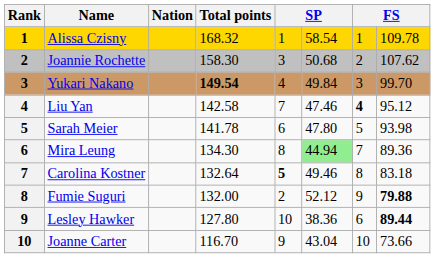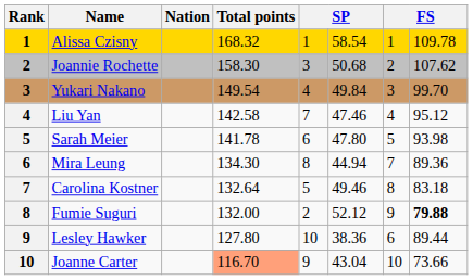 <table class="wikitable">
 <tr>
 <th>Rank</th>
 <th>Name</th>
 <th>Nation</th>
 <th>Total points</th>
 <th colspan="2" width="80px"><a href='#'>SP</a></th>
 <th colspan="2" width="80px"><a href='#'>FS</a></th>
 </tr>
 <tr bgcolor="gold">
 <td align="center"><strong>1</strong></td>
 <td><a href='#'>Alissa Czisny</a></td>
 <td></td>
 <td>168.32</td>
 <td>1</td>
 <td>58.54</td>
 <td>1</td>
 <td>109.78</td>
 </tr>
 <tr bgcolor="silver">
 <td align="center"><strong>2</strong></td>
 <td><a href='#'>Joannie Rochette</a></td>
 <td></td>
 <td>158.30</td>
 <td>3</td>
 <td>50.68</td>
 <td>2</td>
 <td>107.62</td>
 </tr>
 <tr bgcolor="cc9966">
 <td align="center"><strong>3</strong></td>
 <td><a href='#'>Yukari Nakano</a></td>
 <td></td>
-<td><strong>149.54</strong></td>
+<td>149.54</td>
 <td>4</td>
 <td>49.84</td>
 <td>3</td>
 <td>99.70</td>
 </tr>
 <tr>
 <th>4</th>
 <td><a href='#'>Liu Yan</a></td>
 <td></td>
 <td>142.58</td>
 <td>7</td>
 <td>47.46</td>
-<td><strong>4</strong></td>
+<td>4</td>
 <td>95.12</td>
 </tr>
 <tr>
 <th>5</th>
 <td><a href='#'>Sarah Meier</a></td>
 <td></td>
 <td>141.78</td>
 <td>6</td>
 <td>47.80</td>
 <td>5</td>
 <td>93.98</td>
 </tr>
 <tr>
 <th>6</th>
 <td><a href='#'>Mira Leung</a></td>
 <td></td>
 <td>134.30</td>
 <td>8</td>
-<td style="background: lightgreen;">44.94</td>
+<td>44.94</td>
 <td>7</td>
 <td>89.36</td>
 </tr>
 <tr>
 <th>7</th>
 <td><a href='#'>Carolina Kostner</a></td>
 <td></td>
 <td>132.64</td>
-<td><strong>5</strong></td>
+<td>5</td>
 <td>49.46</td>
 <td>8</td>
 <td>83.18</td>
 </tr>
 <tr>
 <th>8</th>
 <td><a href='#'>Fumie Suguri</a></td>
 <td></td>
 <td>132.00</td>
 <td>2</td>
 <td>52.12</td>
 <td>9</td>
 <td><strong>79.88</strong></td>
 </tr>
 <tr>
 <th>9</th>
 <td><a href='#'>Lesley Hawker</a></td>
 <td></td>
 <td>127.80</td>
 <td>10</td>
 <td>38.36</td>
 <td>6</td>
-<td><strong>89.44</strong></td>
+<td>89.44</td>
 </tr>
 <tr>
 <th>10</th>
 <td><a href='#'>Joanne Carter</a></td>
 <td></td>
-<td>116.70</td>
+<td style="background: lightsalmon;">116.70</td>
 <td>9</td>
 <td>43.04</td>
 <td>10</td>
 <td>73.66</td>
 </tr>
 </table>
